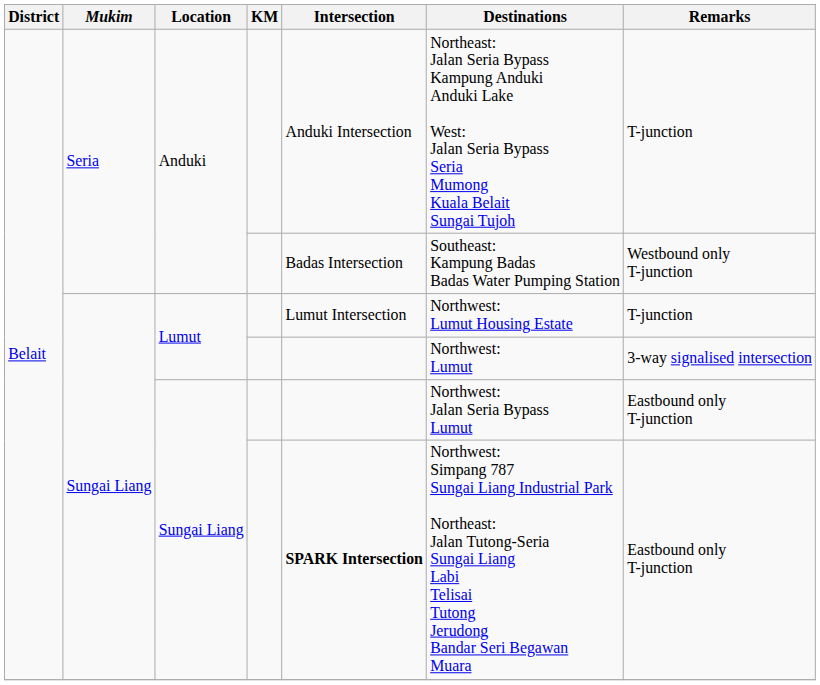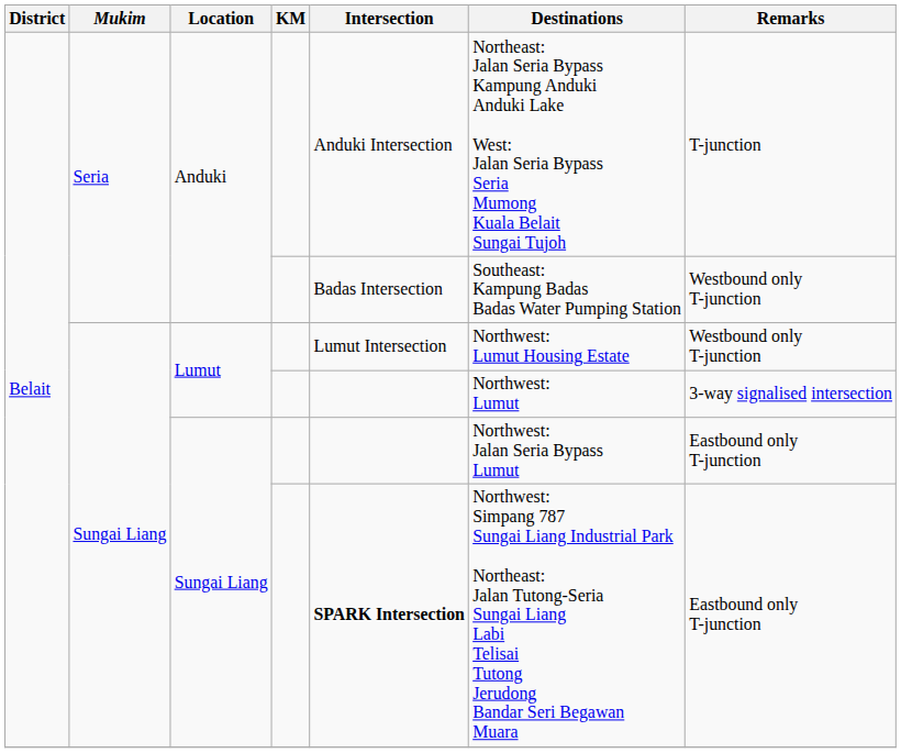 <table class="wikitable">
 <tr>
 <th>District</th>
 <th><em>Mukim</em></th>
 <th>Location</th>
 <th>KM</th>
 <th>Intersection</th>
 <th>Destinations</th>
 <th>Remarks</th>
 </tr>
 <tr>
 <td rowspan="6"><a href='#'>Belait</a></td>
 <td rowspan="2"><a href='#'>Seria</a></td>
 <td rowspan="2">Anduki</td>
 <td></td>
 <td>Anduki Intersection</td>
 <td>Northeast:<br>Jalan Seria Bypass<br>Kampung Anduki<br>Anduki Lake<br><br>West:<br> Jalan Seria Bypass<br><a href='#'>Seria</a><br><a href='#'>Mumong</a><br><a href='#'>Kuala Belait</a><br><a href='#'>Sungai Tujoh</a></td>
 <td>T-junction</td>
 </tr>
 <tr>
 <td></td>
 <td>Badas Intersection</td>
 <td>Southeast:<br>Kampung Badas<br>Badas Water Pumping Station</td>
 <td>Westbound only<br>T-junction</td>
 </tr>
 <tr>
 <td rowspan="4"><a href='#'>Sungai Liang</a></td>
 <td rowspan="2"><a href='#'>Lumut</a></td>
 <td></td>
 <td>Lumut Intersection</td>
 <td>Northwest:<br><a href='#'>Lumut Housing Estate</a></td>
-<td>T-junction</td>
+<td>Westbound only<br>T-junction</td>
 </tr>
 <tr>
 <td></td>
 <td></td>
 <td>Northwest:<br><a href='#'>Lumut</a></td>
 <td>3-way <a href='#'>signalised</a> <a href='#'>intersection</a></td>
 </tr>
 <tr>
 <td rowspan="2"><a href='#'>Sungai Liang</a></td>
 <td></td>
 <td></td>
 <td>Northwest:<br>Jalan Seria Bypass<br><a href='#'>Lumut</a></td>
 <td>Eastbound only<br>T-junction</td>
 </tr>
 <tr>
 <td></td>
 <td><strong>SPARK Intersection</strong></td>
 <td>Northwest:<br>Simpang 787<br><a href='#'>Sungai Liang Industrial Park</a><br><br>Northeast:<br> Jalan Tutong-Seria<br><a href='#'>Sungai Liang</a><br><a href='#'>Labi</a><br><a href='#'>Telisai</a><br><a href='#'>Tutong</a><br><a href='#'>Jerudong</a><br><a href='#'>Bandar Seri Begawan</a><br><a href='#'>Muara</a></td>
 <td>Eastbound only<br>T-junction</td>
 </tr>
 <tr>
 </tr>
 </table>
